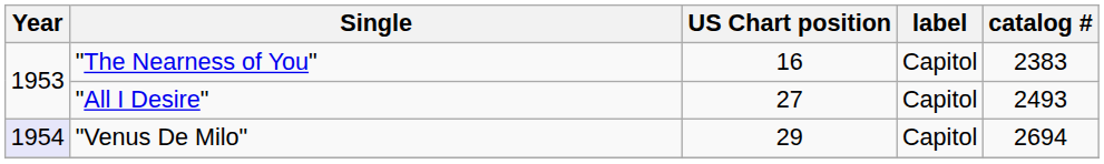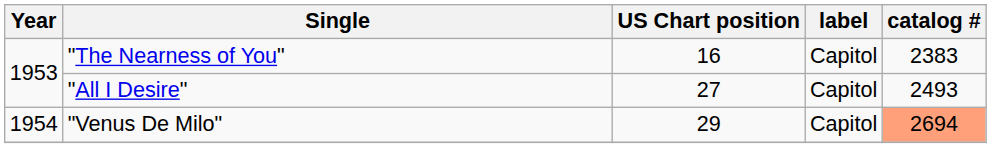 <table class="wikitable" style="text-align:center;">
 <tr>
 <th rowspan="1">Year</th>
 <th width="400">Single</th>
 <th>US Chart position</th>
 <th>label</th>
 <th>catalog #</th>
 </tr>
 <tr>
 <td rowspan="2">1953</td>
 <td align="left">"<a href='#'>The Nearness of You</a>"</td>
 <td>16</td>
 <td>Capitol</td>
 <td>2383 </td>
 </tr>
 <tr>
 <td align="left">"<a href='#'>All I Desire</a>"</td>
 <td>27</td>
 <td>Capitol</td>
 <td>2493</td>
 </tr>
 <tr>
-<td rowspan="1" style="background: lavender;">1954</td>
+<td rowspan="1">1954</td>
 <td align="left">"Venus De Milo"</td>
 <td>29</td>
 <td>Capitol</td>
-<td>2694</td>
+<td style="background: lightsalmon;">2694</td>
 </tr>
 <tr>
 </tr>
 </table>
